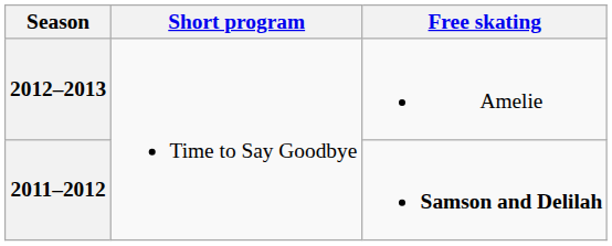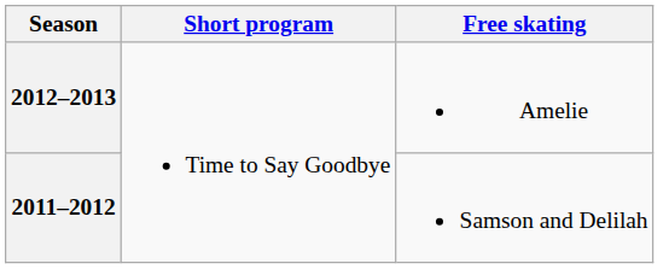 <table class=wikitable style=text-align:center>
 <tr>
 <th>Season</th>
 <th><a href='#'>Short program</a></th>
 <th><a href='#'>Free skating</a></th>
 </tr>
 <tr>
 <th>2012–2013 <br> </th>
 <td rowspan=2><br><ul><li>Time to Say Goodbye</li></ul></td>
 <td><br><ul><li>Amelie <br></li></ul></td>
 </tr>
 <tr>
 <th>2011–2012 <br> </th>
-<td><strong><br><ul><li>Samson and Delilah <br></li></ul></strong></td>
+<td><br><ul><li>Samson and Delilah <br></li></ul></td>
 </tr>
 </table>
